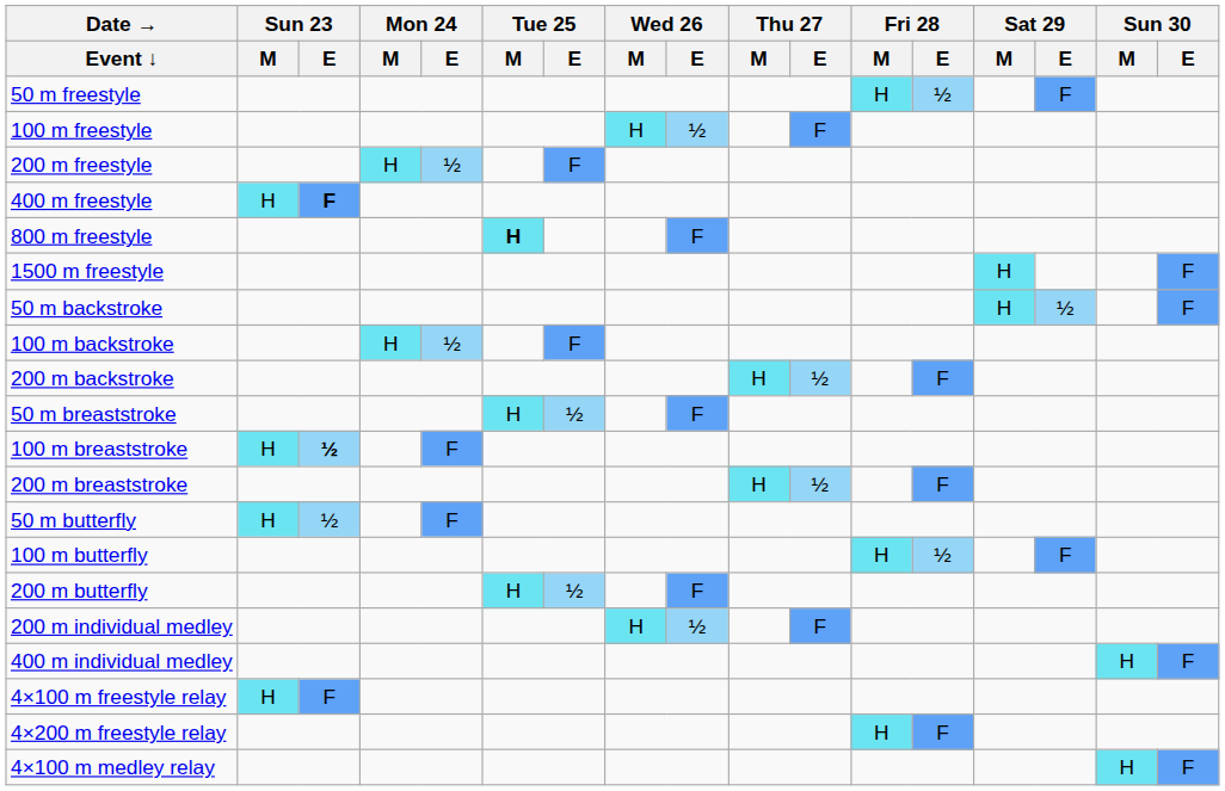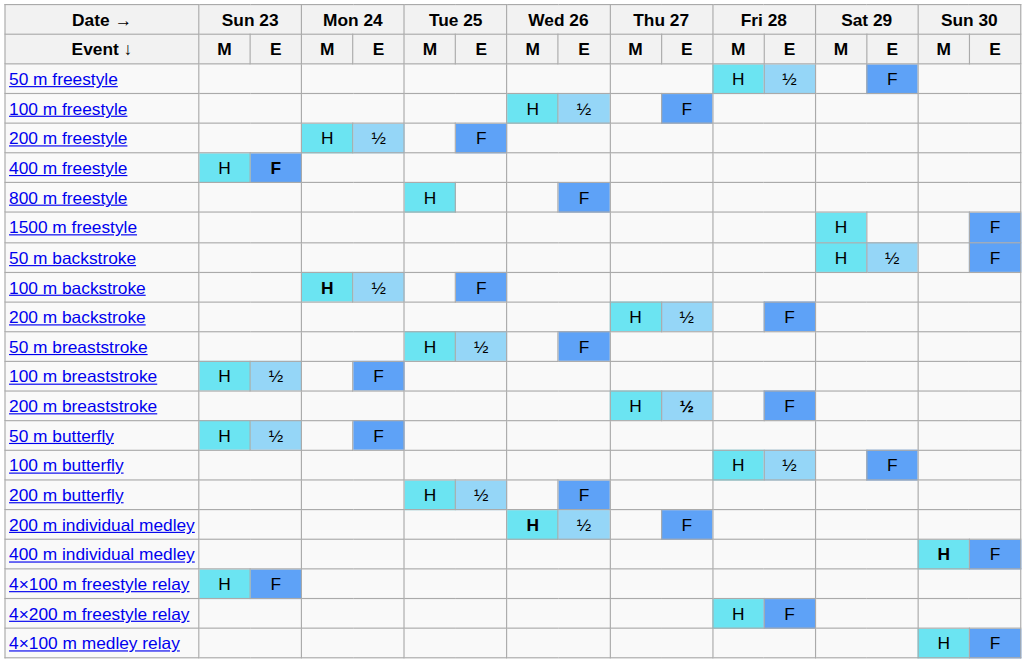 <table class="wikitable" style="margin:0.5em auto; font-size:95%; line-height:1.25em;">
 <tr style="text-align:center;">
 <th>Date →</th>
 <th colspan="2">Sun 23</th>
 <th colspan="2">Mon 24</th>
 <th colspan="2">Tue 25</th>
 <th colspan="2">Wed 26</th>
 <th colspan="2">Thu 27</th>
 <th colspan="2">Fri 28</th>
 <th colspan="2">Sat 29</th>
 <th colspan="2">Sun 30</th>
 </tr>
 <tr>
 <th>Event   ↓</th>
 <th style="width:2.5em;">M</th>
 <th style="width:2.5em;">E</th>
 <th style="width:2.5em;">M</th>
 <th style="width:2.5em;">E</th>
 <th style="width:2.5em;">M</th>
 <th style="width:2.5em;">E</th>
 <th style="width:2.5em;">M</th>
 <th style="width:2.5em;">E</th>
 <th style="width:2.5em;">M</th>
 <th style="width:2.5em;">E</th>
 <th style="width:2.5em;">M</th>
 <th style="width:2.5em;">E</th>
 <th style="width:2.5em;">M</th>
 <th style="width:2.5em;">E</th>
 <th style="width:2.5em;">M</th>
 <th style="width:2.5em;">E</th>
 </tr>
 <tr style="text-align:center;">
 <td style="text-align:left;"><a href='#'>50 m freestyle</a></td>
 <td colspan="2"></td>
 <td colspan="2"></td>
 <td colspan="2"></td>
 <td colspan="2"></td>
 <td colspan="2"></td>
 <td style="background-color:#6be4f2;">H</td>
 <td style="background-color:#95d6f7;">½</td>
 <td></td>
 <td style="background-color:#5ea2f7;">F</td>
 <td colspan="2"></td>
 </tr>
 <tr style="text-align:center;">
 <td style="text-align:left;"><a href='#'>100 m freestyle</a></td>
 <td colspan="2"></td>
 <td colspan="2"></td>
 <td colspan="2"></td>
 <td style="background-color:#6be4f2;">H</td>
 <td style="background-color:#95d6f7;">½</td>
 <td></td>
 <td style="background-color:#5ea2f7;">F</td>
 <td colspan="2"></td>
 <td colspan="2"></td>
 <td colspan="2"></td>
 </tr>
 <tr style="text-align:center;">
 <td style="text-align:left;"><a href='#'>200 m freestyle</a></td>
 <td colspan="2"></td>
 <td style="background-color:#6be4f2;">H</td>
 <td style="background-color:#95d6f7;">½</td>
 <td></td>
 <td style="background-color:#5ea2f7;">F</td>
 <td colspan="2"></td>
 <td colspan="2"></td>
 <td colspan="2"></td>
 <td colspan="2"></td>
 <td colspan="2"></td>
 </tr>
 <tr style="text-align:center;">
 <td style="text-align:left;"><a href='#'>400 m freestyle</a></td>
 <td style="background-color:#6be4f2;">H</td>
 <td style="background-color:#5ea2f7;"><strong>F</strong></td>
 <td colspan="2"></td>
 <td colspan="2"></td>
 <td colspan="2"></td>
 <td colspan="2"></td>
 <td colspan="2"></td>
 <td colspan="2"></td>
 <td colspan="2"></td>
 </tr>
 <tr style="text-align:center;">
 <td style="text-align:left;"><a href='#'>800 m freestyle</a></td>
 <td colspan="2"></td>
 <td colspan="2"></td>
-<td style="background-color:#6be4f2;"><strong>H</strong></td>
+<td style="background-color:#6be4f2;">H</td>
 <td></td>
 <td></td>
 <td style="background-color:#5ea2f7;">F</td>
 <td colspan="2"></td>
 <td colspan="2"></td>
 <td colspan="2"></td>
 <td colspan="2"></td>
 </tr>
 <tr style="text-align:center;">
 <td style="text-align:left;"><a href='#'>1500 m freestyle</a></td>
 <td colspan="2"></td>
 <td colspan="2"></td>
 <td colspan="2"></td>
 <td colspan="2"></td>
 <td colspan="2"></td>
 <td colspan="2"></td>
 <td style="background-color:#6be4f2;">H</td>
 <td></td>
 <td></td>
 <td style="background-color:#5ea2f7;">F</td>
 </tr>
 <tr style="text-align:center;">
 <td style="text-align:left;"><a href='#'>50 m backstroke</a></td>
 <td colspan="2"></td>
 <td colspan="2"></td>
 <td colspan="2"></td>
 <td colspan="2"></td>
 <td colspan="2"></td>
 <td colspan="2"></td>
 <td style="background-color:#6be4f2;">H</td>
 <td style="background-color:#95d6f7;">½</td>
 <td></td>
 <td style="background-color:#5ea2f7;">F</td>
 </tr>
 <tr style="text-align:center;">
 <td style="text-align:left;"><a href='#'>100 m backstroke</a></td>
 <td colspan="2"></td>
-<td style="background-color:#6be4f2;">H</td>
+<td style="background-color:#6be4f2;"><strong>H</strong></td>
 <td style="background-color:#95d6f7;">½</td>
 <td></td>
 <td style="background-color:#5ea2f7;">F</td>
 <td colspan="2"></td>
 <td colspan="2"></td>
 <td colspan="2"></td>
 <td colspan="2"></td>
 <td colspan="2"></td>
 </tr>
 <tr style="text-align:center;">
 <td style="text-align:left;"><a href='#'>200 m backstroke</a></td>
 <td colspan="2"></td>
 <td colspan="2"></td>
 <td colspan="2"></td>
 <td colspan="2"></td>
 <td style="background-color:#6be4f2;">H</td>
 <td style="background-color:#95d6f7;">½</td>
 <td></td>
 <td style="background-color:#5ea2f7;">F</td>
 <td colspan="2"></td>
 <td colspan="2"></td>
 </tr>
 <tr style="text-align:center;">
 <td style="text-align:left;"><a href='#'>50 m breaststroke</a></td>
 <td colspan="2"></td>
 <td colspan="2"></td>
 <td style="background-color:#6be4f2;">H</td>
 <td style="background-color:#95d6f7;">½</td>
 <td></td>
 <td style="background-color:#5ea2f7;">F</td>
 <td colspan="2"></td>
 <td colspan="2"></td>
 <td colspan="2"></td>
 <td colspan="2"></td>
 </tr>
 <tr style="text-align:center;">
 <td style="text-align:left;"><a href='#'>100 m breaststroke</a></td>
 <td style="background-color:#6be4f2;">H</td>
-<td style="background-color:#95d6f7;"><strong>½</strong></td>
+<td style="background-color:#95d6f7;">½</td>
 <td></td>
 <td style="background-color:#5ea2f7;">F</td>
 <td colspan="2"></td>
 <td colspan="2"></td>
 <td colspan="2"></td>
 <td colspan="2"></td>
 <td colspan="2"></td>
 <td colspan="2"></td>
 </tr>
 <tr style="text-align:center;">
 <td style="text-align:left;"><a href='#'>200 m breaststroke</a></td>
 <td colspan="2"></td>
 <td colspan="2"></td>
 <td colspan="2"></td>
 <td colspan="2"></td>
 <td style="background-color:#6be4f2;">H</td>
-<td style="background-color:#95d6f7;">½</td>
+<td style="background-color:#95d6f7;"><strong>½</strong></td>
 <td></td>
 <td style="background-color:#5ea2f7;">F</td>
 <td colspan="2"></td>
 <td colspan="2"></td>
 </tr>
 <tr style="text-align:center;">
 <td style="text-align:left;"><a href='#'>50 m butterfly</a></td>
 <td style="background-color:#6be4f2;">H</td>
 <td style="background-color:#95d6f7;">½</td>
 <td></td>
 <td style="background-color:#5ea2f7;">F</td>
 <td colspan="2"></td>
 <td colspan="2"></td>
 <td colspan="2"></td>
 <td colspan="2"></td>
 <td colspan="2"></td>
 <td colspan="2"></td>
 </tr>
 <tr style="text-align:center;">
 <td style="text-align:left;"><a href='#'>100 m butterfly</a></td>
 <td colspan="2"></td>
 <td colspan="2"></td>
 <td colspan="2"></td>
 <td colspan="2"></td>
 <td colspan="2"></td>
 <td style="background-color:#6be4f2;">H</td>
 <td style="background-color:#95d6f7;">½</td>
 <td></td>
 <td style="background-color:#5ea2f7;">F</td>
 <td colspan="2"></td>
 </tr>
 <tr style="text-align:center;">
 <td style="text-align:left;"><a href='#'>200 m butterfly</a></td>
 <td colspan="2"></td>
 <td colspan="2"></td>
 <td style="background-color:#6be4f2;">H</td>
 <td style="background-color:#95d6f7;">½</td>
 <td></td>
 <td style="background-color:#5ea2f7;">F</td>
 <td colspan="2"></td>
 <td colspan="2"></td>
 <td colspan="2"></td>
 <td colspan="2"></td>
 </tr>
 <tr style="text-align:center;">
 <td style="text-align:left;"><a href='#'>200 m individual medley</a></td>
 <td colspan="2"></td>
 <td colspan="2"></td>
 <td colspan="2"></td>
-<td style="background-color:#6be4f2;">H</td>
+<td style="background-color:#6be4f2;"><strong>H</strong></td>
 <td style="background-color:#95d6f7;">½</td>
 <td></td>
 <td style="background-color:#5ea2f7;">F</td>
 <td colspan="2"></td>
 <td colspan="2"></td>
 <td colspan="2"></td>
 </tr>
 <tr style="text-align:center;">
 <td style="text-align:left;"><a href='#'>400 m individual medley</a></td>
 <td colspan="2"></td>
 <td colspan="2"></td>
 <td colspan="2"></td>
 <td colspan="2"></td>
 <td colspan="2"></td>
 <td colspan="2"></td>
 <td colspan="2"></td>
-<td style="background-color:#6be4f2;">H</td>
+<td style="background-color:#6be4f2;"><strong>H</strong></td>
 <td style="background-color:#5ea2f7;">F</td>
 </tr>
 <tr style="text-align:center;">
 <td style="text-align:left;"><a href='#'>4×100 m freestyle relay</a></td>
 <td style="background-color:#6be4f2;">H</td>
 <td style="background-color:#5ea2f7;">F</td>
 <td colspan="2"></td>
 <td colspan="2"></td>
 <td colspan="2"></td>
 <td colspan="2"></td>
 <td colspan="2"></td>
 <td colspan="2"></td>
 <td colspan="2"></td>
 </tr>
 <tr style="text-align:center;">
 <td style="text-align:left;"><a href='#'>4×200 m freestyle relay</a></td>
 <td colspan="2"></td>
 <td colspan="2"></td>
 <td colspan="2"></td>
 <td colspan="2"></td>
 <td colspan="2"></td>
 <td style="background-color:#6be4f2;">H</td>
 <td style="background-color:#5ea2f7;">F</td>
 <td colspan="2"></td>
 <td colspan="2"></td>
 </tr>
 <tr style="text-align:center;">
 <td style="text-align:left;"><a href='#'>4×100 m medley relay</a></td>
 <td colspan="2"></td>
 <td colspan="2"></td>
 <td colspan="2"></td>
 <td colspan="2"></td>
 <td colspan="2"></td>
 <td colspan="2"></td>
 <td colspan="2"></td>
 <td style="background-color:#6be4f2;">H</td>
 <td style="background-color:#5ea2f7;">F</td>
 </tr>
 </table>
